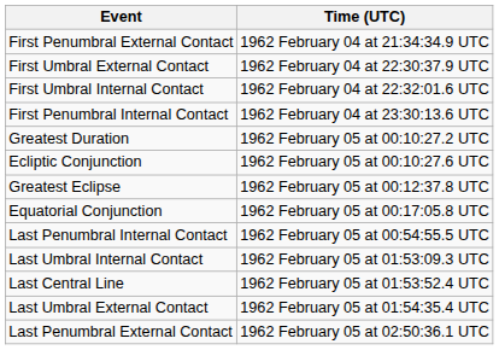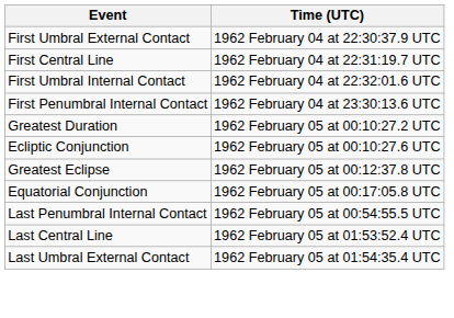 <table class="wikitable">
 <tr>
 <th>Event</th>
 <th>Time (UTC)</th>
 </tr>
 <tr>
-<td>First Penumbral External Contact</td>
-<td>1962 February 04 at 21:34:34.9 UTC</td>
+<td>First Umbral External Contact</td>
+<td>1962 February 04 at 22:30:37.9 UTC</td>
 </tr>
 <tr>
-<td>First Umbral External Contact</td>
-<td>1962 February 04 at 22:30:37.9 UTC</td>
+<td>First Central Line</td>
+<td>1962 February 04 at 22:31:19.7 UTC</td>
 </tr>
 <tr>
 <td>First Umbral Internal Contact</td>
 <td>1962 February 04 at 22:32:01.6 UTC</td>
 </tr>
 <tr>
 <td>First Penumbral Internal Contact</td>
 <td>1962 February 04 at 23:30:13.6 UTC</td>
 </tr>
 <tr>
 <td>Greatest Duration</td>
 <td>1962 February 05 at 00:10:27.2 UTC</td>
 </tr>
 <tr>
 <td>Ecliptic Conjunction</td>
 <td>1962 February 05 at 00:10:27.6 UTC</td>
 </tr>
 <tr>
 <td>Greatest Eclipse</td>
 <td>1962 February 05 at 00:12:37.8 UTC</td>
 </tr>
 <tr>
 <td>Equatorial Conjunction</td>
 <td>1962 February 05 at 00:17:05.8 UTC</td>
 </tr>
 <tr>
 <td>Last Penumbral Internal Contact</td>
 <td>1962 February 05 at 00:54:55.5 UTC</td>
 </tr>
 <tr>
-<td>Last Umbral Internal Contact</td>
-<td>1962 February 05 at 01:53:09.3 UTC</td>
-</tr>
-<tr>
 <td>Last Central Line</td>
 <td>1962 February 05 at 01:53:52.4 UTC</td>
 </tr>
 <tr>
 <td>Last Umbral External Contact</td>
 <td>1962 February 05 at 01:54:35.4 UTC</td>
 </tr>
-<tr>
-<td>Last Penumbral External Contact</td>
-<td>1962 February 05 at 02:50:36.1 UTC</td>
-</tr>
 </table>
